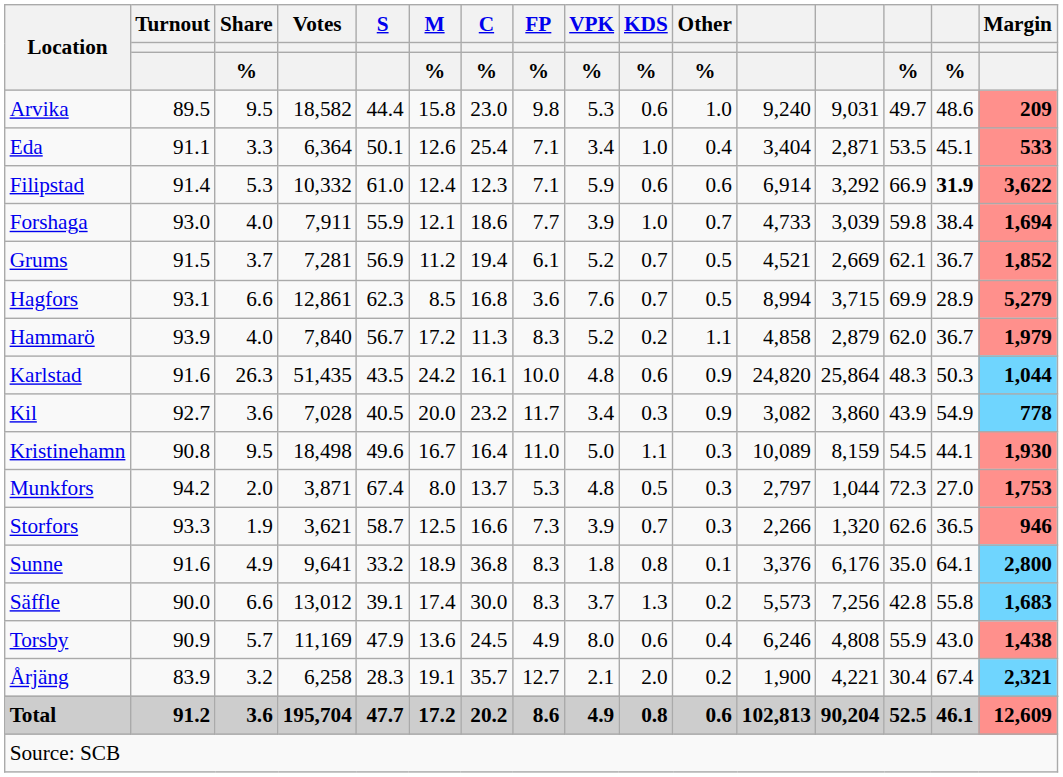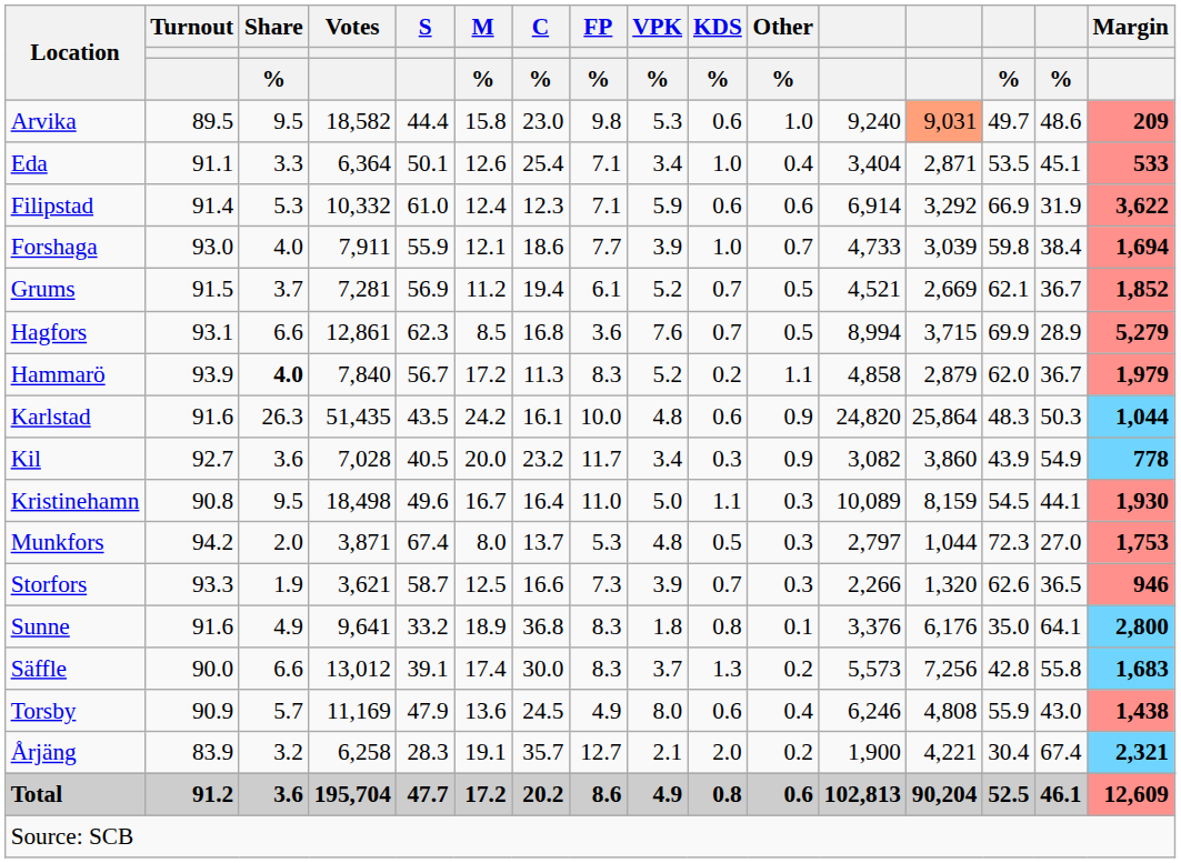 <table class="wikitable sortable" style="text-align:right; font-size:95%; line-height:20px;">
 <tr>
 <th rowspan="3">Location</th>
 <th>Turnout</th>
 <th>Share</th>
 <th>Votes</th>
 <th width="30px" class="unsortable"><a href='#'>S</a></th>
 <th width="30px" class="unsortable"><a href='#'>M</a></th>
 <th width="30px" class="unsortable"><a href='#'>C</a></th>
 <th width="30px" class="unsortable"><a href='#'>FP</a></th>
 <th width="30px" class="unsortable"><a href='#'>VPK</a></th>
 <th width="30px" class="unsortable"><a href='#'>KDS</a></th>
 <th width="30px" class="unsortable">Other</th>
 <th></th>
 <th></th>
 <th></th>
 <th></th>
 <th>Margin</th>
 </tr>
 <tr>
 <th></th>
 <th></th>
 <th></th>
 <th style="background:"></th>
 <th style="background:"></th>
 <th style="background:"></th>
 <th style="background:"></th>
 <th style="background:"></th>
 <th style="background:"></th>
 <th style="background:"></th>
 <th style="background:"></th>
 <th style="background:"></th>
 <th style="background:"></th>
 <th style="background:"></th>
 <th></th>
 </tr>
 <tr>
 <th></th>
 <th data-sort-type="number">%</th>
 <th data-sort-type="number"></th>
 <th></th>
 <th data-sort-type="number">%</th>
 <th data-sort-type="number">%</th>
 <th data-sort-type="number">%</th>
 <th data-sort-type="number">%</th>
 <th data-sort-type="number">%</th>
 <th data-sort-type="number">%</th>
 <th data-sort-type="number"></th>
 <th data-sort-type="number"></th>
 <th data-sort-type="number">%</th>
 <th data-sort-type="number">%</th>
 <th data-sort-type="number"></th>
 </tr>
 <tr>
 <td align=left><a href='#'>Arvika</a></td>
 <td>89.5</td>
 <td>9.5</td>
 <td>18,582</td>
 <td>44.4</td>
 <td>15.8</td>
 <td>23.0</td>
 <td>9.8</td>
 <td>5.3</td>
 <td>0.6</td>
 <td>1.0</td>
 <td>9,240</td>
-<td>9,031</td>
+<td style="background: lightsalmon;">9,031</td>
 <td>49.7</td>
 <td>48.6</td>
 <td bgcolor=#ff908c><strong>209</strong></td>
 </tr>
 <tr>
 <td align=left><a href='#'>Eda</a></td>
 <td>91.1</td>
 <td>3.3</td>
 <td>6,364</td>
 <td>50.1</td>
 <td>12.6</td>
 <td>25.4</td>
 <td>7.1</td>
 <td>3.4</td>
 <td>1.0</td>
 <td>0.4</td>
 <td>3,404</td>
 <td>2,871</td>
 <td>53.5</td>
 <td>45.1</td>
 <td bgcolor=#ff908c><strong>533</strong></td>
 </tr>
 <tr>
 <td align=left><a href='#'>Filipstad</a></td>
 <td>91.4</td>
 <td>5.3</td>
 <td>10,332</td>
 <td>61.0</td>
 <td>12.4</td>
 <td>12.3</td>
 <td>7.1</td>
 <td>5.9</td>
 <td>0.6</td>
 <td>0.6</td>
 <td>6,914</td>
 <td>3,292</td>
 <td>66.9</td>
-<td><strong>31.9</strong></td>
+<td>31.9</td>
 <td bgcolor=#ff908c><strong>3,622</strong></td>
 </tr>
 <tr>
 <td align=left><a href='#'>Forshaga</a></td>
 <td>93.0</td>
 <td>4.0</td>
 <td>7,911</td>
 <td>55.9</td>
 <td>12.1</td>
 <td>18.6</td>
 <td>7.7</td>
 <td>3.9</td>
 <td>1.0</td>
 <td>0.7</td>
 <td>4,733</td>
 <td>3,039</td>
 <td>59.8</td>
 <td>38.4</td>
 <td bgcolor=#ff908c><strong>1,694</strong></td>
 </tr>
 <tr>
 <td align=left><a href='#'>Grums</a></td>
 <td>91.5</td>
 <td>3.7</td>
 <td>7,281</td>
 <td>56.9</td>
 <td>11.2</td>
 <td>19.4</td>
 <td>6.1</td>
 <td>5.2</td>
 <td>0.7</td>
 <td>0.5</td>
 <td>4,521</td>
 <td>2,669</td>
 <td>62.1</td>
 <td>36.7</td>
 <td bgcolor=#ff908c><strong>1,852</strong></td>
 </tr>
 <tr>
 <td align=left><a href='#'>Hagfors</a></td>
 <td>93.1</td>
 <td>6.6</td>
 <td>12,861</td>
 <td>62.3</td>
 <td>8.5</td>
 <td>16.8</td>
 <td>3.6</td>
 <td>7.6</td>
 <td>0.7</td>
 <td>0.5</td>
 <td>8,994</td>
 <td>3,715</td>
 <td>69.9</td>
 <td>28.9</td>
 <td bgcolor=#ff908c><strong>5,279</strong></td>
 </tr>
 <tr>
 <td align=left><a href='#'>Hammarö</a></td>
 <td>93.9</td>
-<td>4.0</td>
+<td><strong>4.0</strong></td>
 <td>7,840</td>
 <td>56.7</td>
 <td>17.2</td>
 <td>11.3</td>
 <td>8.3</td>
 <td>5.2</td>
 <td>0.2</td>
 <td>1.1</td>
 <td>4,858</td>
 <td>2,879</td>
 <td>62.0</td>
 <td>36.7</td>
 <td bgcolor=#ff908c><strong>1,979</strong></td>
 </tr>
 <tr>
 <td align=left><a href='#'>Karlstad</a></td>
 <td>91.6</td>
 <td>26.3</td>
 <td>51,435</td>
 <td>43.5</td>
 <td>24.2</td>
 <td>16.1</td>
 <td>10.0</td>
 <td>4.8</td>
 <td>0.6</td>
 <td>0.9</td>
 <td>24,820</td>
 <td>25,864</td>
 <td>48.3</td>
 <td>50.3</td>
 <td bgcolor=#6fd5fe><strong>1,044</strong></td>
 </tr>
 <tr>
 <td align=left><a href='#'>Kil</a></td>
 <td>92.7</td>
 <td>3.6</td>
 <td>7,028</td>
 <td>40.5</td>
 <td>20.0</td>
 <td>23.2</td>
 <td>11.7</td>
 <td>3.4</td>
 <td>0.3</td>
 <td>0.9</td>
 <td>3,082</td>
 <td>3,860</td>
 <td>43.9</td>
 <td>54.9</td>
 <td bgcolor=#6fd5fe><strong>778</strong></td>
 </tr>
 <tr>
 <td align=left><a href='#'>Kristinehamn</a></td>
 <td>90.8</td>
 <td>9.5</td>
 <td>18,498</td>
 <td>49.6</td>
 <td>16.7</td>
 <td>16.4</td>
 <td>11.0</td>
 <td>5.0</td>
 <td>1.1</td>
 <td>0.3</td>
 <td>10,089</td>
 <td>8,159</td>
 <td>54.5</td>
 <td>44.1</td>
 <td bgcolor=#ff908c><strong>1,930</strong></td>
 </tr>
 <tr>
 <td align=left><a href='#'>Munkfors</a></td>
 <td>94.2</td>
 <td>2.0</td>
 <td>3,871</td>
 <td>67.4</td>
 <td>8.0</td>
 <td>13.7</td>
 <td>5.3</td>
 <td>4.8</td>
 <td>0.5</td>
 <td>0.3</td>
 <td>2,797</td>
 <td>1,044</td>
 <td>72.3</td>
 <td>27.0</td>
 <td bgcolor=#ff908c><strong>1,753</strong></td>
 </tr>
 <tr>
 <td align=left><a href='#'>Storfors</a></td>
 <td>93.3</td>
 <td>1.9</td>
 <td>3,621</td>
 <td>58.7</td>
 <td>12.5</td>
 <td>16.6</td>
 <td>7.3</td>
 <td>3.9</td>
 <td>0.7</td>
 <td>0.3</td>
 <td>2,266</td>
 <td>1,320</td>
 <td>62.6</td>
 <td>36.5</td>
 <td bgcolor=#ff908c><strong>946</strong></td>
 </tr>
 <tr>
 <td align=left><a href='#'>Sunne</a></td>
 <td>91.6</td>
 <td>4.9</td>
 <td>9,641</td>
 <td>33.2</td>
 <td>18.9</td>
 <td>36.8</td>
 <td>8.3</td>
 <td>1.8</td>
 <td>0.8</td>
 <td>0.1</td>
 <td>3,376</td>
 <td>6,176</td>
 <td>35.0</td>
 <td>64.1</td>
 <td bgcolor=#6fd5fe><strong>2,800</strong></td>
 </tr>
 <tr>
 <td align=left><a href='#'>Säffle</a></td>
 <td>90.0</td>
 <td>6.6</td>
 <td>13,012</td>
 <td>39.1</td>
 <td>17.4</td>
 <td>30.0</td>
 <td>8.3</td>
 <td>3.7</td>
 <td>1.3</td>
 <td>0.2</td>
 <td>5,573</td>
 <td>7,256</td>
 <td>42.8</td>
 <td>55.8</td>
 <td bgcolor=#6fd5fe><strong>1,683</strong></td>
 </tr>
 <tr>
 <td align=left><a href='#'>Torsby</a></td>
 <td>90.9</td>
 <td>5.7</td>
 <td>11,169</td>
 <td>47.9</td>
 <td>13.6</td>
 <td>24.5</td>
 <td>4.9</td>
 <td>8.0</td>
 <td>0.6</td>
 <td>0.4</td>
 <td>6,246</td>
 <td>4,808</td>
 <td>55.9</td>
 <td>43.0</td>
 <td bgcolor=#ff908c><strong>1,438</strong></td>
 </tr>
 <tr>
 <td align=left><a href='#'>Årjäng</a></td>
 <td>83.9</td>
 <td>3.2</td>
 <td>6,258</td>
 <td>28.3</td>
 <td>19.1</td>
 <td>35.7</td>
 <td>12.7</td>
 <td>2.1</td>
 <td>2.0</td>
 <td>0.2</td>
 <td>1,900</td>
 <td>4,221</td>
 <td>30.4</td>
 <td>67.4</td>
 <td bgcolor=#6fd5fe><strong>2,321</strong></td>
 </tr>
 <tr>
 </tr>
 <tr style="background:#CDCDCD;">
 <td align=left><strong>Total</strong></td>
 <td><strong>91.2</strong></td>
 <td><strong>3.6</strong></td>
 <td><strong>195,704</strong></td>
 <td><strong>47.7</strong></td>
 <td><strong>17.2</strong></td>
 <td><strong>20.2</strong></td>
 <td><strong>8.6</strong></td>
 <td><strong>4.9</strong></td>
 <td><strong>0.8</strong></td>
 <td><strong>0.6</strong></td>
 <td><strong>102,813</strong></td>
 <td><strong>90,204</strong></td>
 <td><strong>52.5</strong></td>
 <td><strong>46.1</strong></td>
 <td bgcolor=#ff908c><strong>12,609</strong></td>
 </tr>
 <tr>
 <td align=left colspan=16>Source: SCB </td>
 </tr>
 </table>
